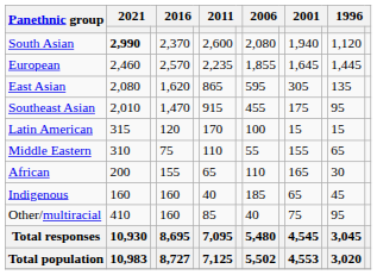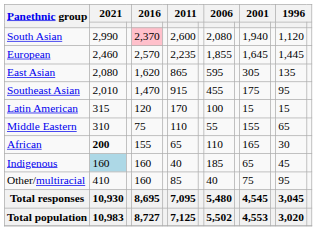 <table class="wikitable sortable">
 <tr>
 <th rowspan="2"><a href='#'>Panethnic</a> group</th>
 <th colspan="2">2021</th>
 <th colspan="2">2016</th>
 <th colspan="2">2011</th>
 <th colspan="2">2006</th>
 <th colspan="2">2001</th>
 <th colspan="2">1996</th>
 </tr>
 <tr>
 <th><a href='#'></a></th>
 <th></th>
 <th></th>
 <th></th>
 <th></th>
 <th></th>
 <th></th>
 <th></th>
 <th></th>
 <th></th>
 <th></th>
 <th></th>
 </tr>
 <tr>
 <td><a href='#'>South Asian</a></td>
-<td><strong>2,990</strong></td>
+<td>2,990</td>
 <td></td>
-<td>2,370</td>
+<td style="background: pink;">2,370</td>
 <td></td>
 <td>2,600</td>
 <td></td>
 <td>2,080</td>
 <td></td>
 <td>1,940</td>
 <td></td>
 <td>1,120</td>
 <td></td>
 </tr>
 <tr>
 <td><a href='#'>European</a></td>
 <td>2,460</td>
 <td></td>
 <td>2,570</td>
 <td></td>
 <td>2,235</td>
 <td></td>
 <td>1,855</td>
 <td></td>
 <td>1,645</td>
 <td></td>
 <td>1,445</td>
 <td></td>
 </tr>
 <tr>
 <td><a href='#'>East Asian</a></td>
 <td>2,080</td>
 <td></td>
 <td>1,620</td>
 <td></td>
 <td>865</td>
 <td></td>
 <td>595</td>
 <td></td>
 <td>305</td>
 <td></td>
 <td>135</td>
 <td></td>
 </tr>
 <tr>
 <td><a href='#'>Southeast Asian</a></td>
 <td>2,010</td>
 <td></td>
 <td>1,470</td>
 <td></td>
 <td>915</td>
 <td></td>
 <td>455</td>
 <td></td>
 <td>175</td>
 <td></td>
 <td>95</td>
 <td></td>
 </tr>
 <tr>
 <td><a href='#'>Latin American</a></td>
 <td>315</td>
 <td></td>
 <td>120</td>
 <td></td>
 <td>170</td>
 <td></td>
 <td>100</td>
 <td></td>
 <td>15</td>
 <td></td>
 <td>15</td>
 <td></td>
 </tr>
 <tr>
 <td><a href='#'>Middle Eastern</a></td>
 <td>310</td>
 <td></td>
 <td>75</td>
 <td></td>
 <td>110</td>
 <td></td>
 <td>55</td>
 <td></td>
 <td>155</td>
 <td></td>
 <td>65</td>
 <td></td>
 </tr>
 <tr>
 <td><a href='#'>African</a></td>
-<td>200</td>
+<td><strong>200</strong></td>
 <td></td>
 <td>155</td>
 <td></td>
 <td>65</td>
 <td></td>
 <td>110</td>
 <td></td>
 <td>165</td>
 <td></td>
 <td>30</td>
 <td></td>
 </tr>
 <tr>
 <td><a href='#'>Indigenous</a></td>
-<td>160</td>
+<td style="background: lightblue;">160</td>
 <td></td>
 <td>160</td>
 <td></td>
 <td>40</td>
 <td></td>
 <td>185</td>
 <td></td>
 <td>65</td>
 <td></td>
 <td>45</td>
 <td></td>
 </tr>
 <tr>
 <td>Other/<a href='#'>multiracial</a></td>
 <td>410</td>
 <td></td>
 <td>160</td>
 <td></td>
 <td>85</td>
 <td></td>
 <td>40</td>
 <td></td>
 <td>75</td>
 <td></td>
 <td>95</td>
 <td></td>
 </tr>
 <tr>
 <th>Total responses</th>
 <th>10,930</th>
 <th></th>
 <th>8,695</th>
 <th></th>
 <th>7,095</th>
 <th></th>
 <th>5,480</th>
 <th></th>
 <th>4,545</th>
 <th></th>
 <th>3,045</th>
 <th></th>
 </tr>
 <tr class="sortbottom">
 <th>Total population</th>
 <th>10,983</th>
 <th></th>
 <th>8,727</th>
 <th></th>
 <th>7,125</th>
 <th></th>
 <th>5,502</th>
 <th></th>
 <th>4,553</th>
 <th></th>
 <th>3,020</th>
 <th></th>
 </tr>
 <tr class="sortbottom">
 </tr>
 </table>
